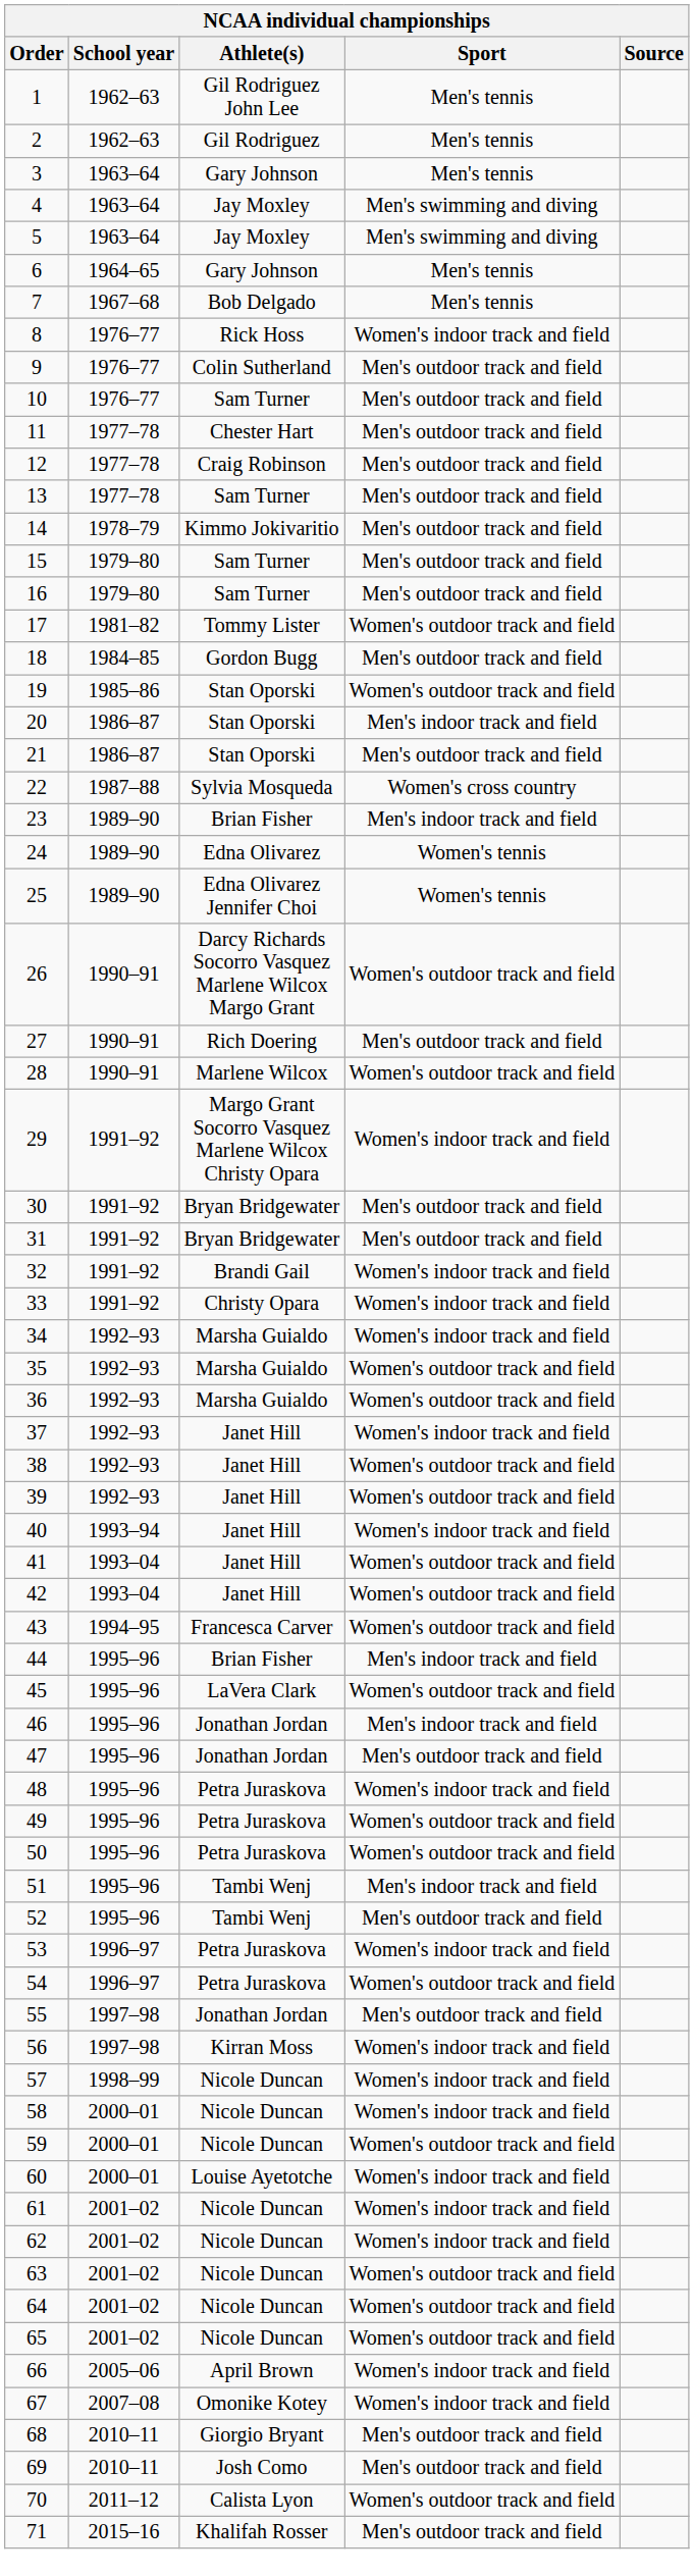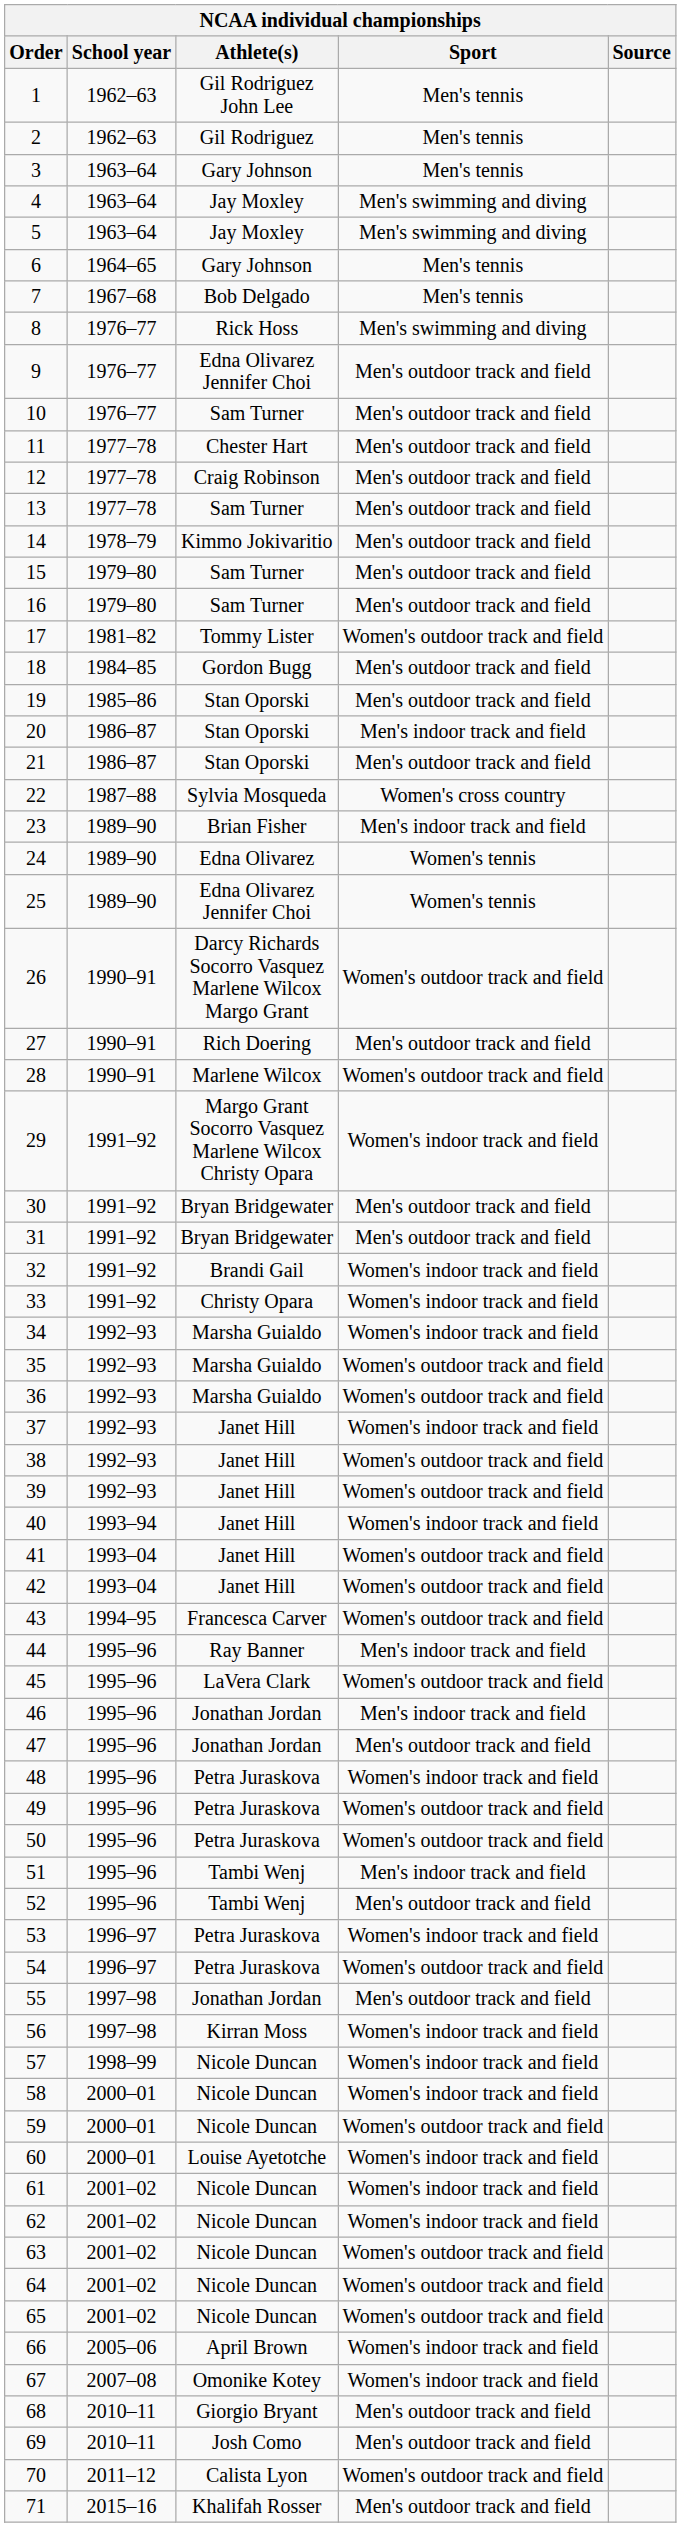 <table class="wikitable sortable" style="text-align:center">
 <tr align="center">
 <th colspan=5>NCAA individual championships</th>
 </tr>
 <tr>
 <th>Order</th>
 <th>School year</th>
 <th>Athlete(s)</th>
 <th>Sport</th>
 <th>Source</th>
 </tr>
 <tr align="center" bgcolor="">
 <td>1</td>
 <td>1962–63</td>
 <td>Gil Rodriguez<br>John Lee</td>
 <td>Men's tennis</td>
 <td></td>
 </tr>
 <tr align="center" bgcolor="">
 <td>2</td>
 <td>1962–63</td>
 <td>Gil Rodriguez</td>
 <td>Men's tennis</td>
 <td></td>
 </tr>
 <tr align="center" bgcolor="">
 <td>3</td>
 <td>1963–64</td>
 <td>Gary Johnson</td>
 <td>Men's tennis</td>
 <td></td>
 </tr>
 <tr align="center" bgcolor="">
 <td>4</td>
 <td>1963–64</td>
 <td>Jay Moxley</td>
 <td>Men's swimming and diving</td>
 <td></td>
 </tr>
 <tr align="center" bgcolor="">
 <td>5</td>
 <td>1963–64</td>
 <td>Jay Moxley</td>
 <td>Men's swimming and diving</td>
 <td></td>
 </tr>
 <tr align="center" bgcolor="">
 <td>6</td>
 <td>1964–65</td>
 <td>Gary Johnson</td>
 <td>Men's tennis</td>
 <td></td>
 </tr>
 <tr align="center" bgcolor="">
 <td>7</td>
 <td>1967–68</td>
 <td>Bob Delgado</td>
 <td>Men's tennis</td>
 <td></td>
 </tr>
 <tr align="center" bgcolor="">
 <td>8</td>
 <td>1976–77</td>
 <td>Rick Hoss</td>
-<td>Women's indoor track and field</td>
+<td>Men's swimming and diving</td>
 <td></td>
 </tr>
 <tr align="center" bgcolor="">
 <td>9</td>
 <td>1976–77</td>
-<td>Colin Sutherland</td>
+<td>Edna Olivarez<br>Jennifer Choi</td>
 <td>Men's outdoor track and field</td>
 <td></td>
 </tr>
 <tr align="center" bgcolor="">
 <td>10</td>
 <td>1976–77</td>
 <td>Sam Turner</td>
 <td>Men's outdoor track and field</td>
 <td></td>
 </tr>
 <tr align="center" bgcolor="">
 <td>11</td>
 <td>1977–78</td>
 <td>Chester Hart</td>
 <td>Men's outdoor track and field</td>
 <td></td>
 </tr>
 <tr align="center" bgcolor="">
 <td>12</td>
 <td>1977–78</td>
 <td>Craig Robinson</td>
 <td>Men's outdoor track and field</td>
 <td></td>
 </tr>
 <tr align="center" bgcolor="">
 <td>13</td>
 <td>1977–78</td>
 <td>Sam Turner</td>
 <td>Men's outdoor track and field</td>
 <td></td>
 </tr>
 <tr align="center" bgcolor="">
 <td>14</td>
 <td>1978–79</td>
 <td>Kimmo Jokivaritio</td>
 <td>Men's outdoor track and field</td>
 <td></td>
 </tr>
 <tr align="center" bgcolor="">
 <td>15</td>
 <td>1979–80</td>
 <td>Sam Turner</td>
 <td>Men's outdoor track and field</td>
 <td></td>
 </tr>
 <tr align="center" bgcolor="">
 <td>16</td>
 <td>1979–80</td>
 <td>Sam Turner</td>
 <td>Men's outdoor track and field</td>
 <td></td>
 </tr>
 <tr align="center" bgcolor="">
 <td>17</td>
 <td>1981–82</td>
 <td>Tommy Lister</td>
 <td>Women's outdoor track and field</td>
 <td></td>
 </tr>
 <tr align="center" bgcolor="">
 <td>18</td>
 <td>1984–85</td>
 <td>Gordon Bugg</td>
 <td>Men's outdoor track and field</td>
 <td></td>
 </tr>
 <tr align="center" bgcolor="">
 <td>19</td>
 <td>1985–86</td>
 <td>Stan Oporski</td>
-<td>Women's outdoor track and field</td>
+<td>Men's outdoor track and field</td>
 <td></td>
 </tr>
 <tr align="center" bgcolor="">
 <td>20</td>
 <td>1986–87</td>
 <td>Stan Oporski</td>
 <td>Men's indoor track and field</td>
 <td></td>
 </tr>
 <tr align="center" bgcolor="">
 <td>21</td>
 <td>1986–87</td>
 <td>Stan Oporski</td>
 <td>Men's outdoor track and field</td>
 <td></td>
 </tr>
 <tr align="center" bgcolor="">
 <td>22</td>
 <td>1987–88</td>
 <td>Sylvia Mosqueda</td>
 <td>Women's cross country</td>
 <td></td>
 </tr>
 <tr align="center" bgcolor="">
 <td>23</td>
 <td>1989–90</td>
 <td>Brian Fisher</td>
 <td>Men's indoor track and field</td>
 <td></td>
 </tr>
 <tr align="center" bgcolor="">
 <td>24</td>
 <td>1989–90</td>
 <td>Edna Olivarez</td>
 <td>Women's tennis</td>
 <td></td>
 </tr>
 <tr align="center" bgcolor="">
 <td>25</td>
 <td>1989–90</td>
 <td>Edna Olivarez<br>Jennifer Choi</td>
 <td>Women's tennis</td>
 <td></td>
 </tr>
 <tr align="center" bgcolor="">
 <td>26</td>
 <td>1990–91</td>
 <td>Darcy Richards<br>Socorro Vasquez<br>Marlene Wilcox<br>Margo Grant</td>
 <td>Women's outdoor track and field</td>
 <td></td>
 </tr>
 <tr align="center" bgcolor="">
 <td>27</td>
 <td>1990–91</td>
 <td>Rich Doering</td>
 <td>Men's outdoor track and field</td>
 <td></td>
 </tr>
 <tr align="center" bgcolor="">
 <td>28</td>
 <td>1990–91</td>
 <td>Marlene Wilcox</td>
 <td>Women's outdoor track and field</td>
 <td></td>
 </tr>
 <tr align="center" bgcolor="">
 <td>29</td>
 <td>1991–92</td>
 <td>Margo Grant<br>Socorro Vasquez<br>Marlene Wilcox<br>Christy Opara</td>
 <td>Women's indoor track and field</td>
 <td></td>
 </tr>
 <tr align="center" bgcolor="">
 <td>30</td>
 <td>1991–92</td>
 <td>Bryan Bridgewater</td>
 <td>Men's outdoor track and field</td>
 <td></td>
 </tr>
 <tr align="center" bgcolor="">
 <td>31</td>
 <td>1991–92</td>
 <td>Bryan Bridgewater</td>
 <td>Men's outdoor track and field</td>
 <td></td>
 </tr>
 <tr align="center" bgcolor="">
 <td>32</td>
 <td>1991–92</td>
 <td>Brandi Gail</td>
 <td>Women's indoor track and field</td>
 <td></td>
 </tr>
 <tr align="center" bgcolor="">
 <td>33</td>
 <td>1991–92</td>
 <td>Christy Opara</td>
 <td>Women's indoor track and field</td>
 <td></td>
 </tr>
 <tr align="center" bgcolor="">
 <td>34</td>
 <td>1992–93</td>
 <td>Marsha Guialdo</td>
 <td>Women's indoor track and field</td>
 <td></td>
 </tr>
 <tr align="center" bgcolor="">
 <td>35</td>
 <td>1992–93</td>
 <td>Marsha Guialdo</td>
 <td>Women's outdoor track and field</td>
 <td></td>
 </tr>
 <tr align="center" bgcolor="">
 <td>36</td>
 <td>1992–93</td>
 <td>Marsha Guialdo</td>
 <td>Women's outdoor track and field</td>
 <td></td>
 </tr>
 <tr align="center" bgcolor="">
 <td>37</td>
 <td>1992–93</td>
 <td>Janet Hill</td>
 <td>Women's indoor track and field</td>
 <td></td>
 </tr>
 <tr align="center" bgcolor="">
 <td>38</td>
 <td>1992–93</td>
 <td>Janet Hill</td>
 <td>Women's outdoor track and field</td>
 <td></td>
 </tr>
 <tr align="center" bgcolor="">
 <td>39</td>
 <td>1992–93</td>
 <td>Janet Hill</td>
 <td>Women's outdoor track and field</td>
 <td></td>
 </tr>
 <tr align="center" bgcolor="">
 <td>40</td>
 <td>1993–94</td>
 <td>Janet Hill</td>
 <td>Women's indoor track and field</td>
 <td></td>
 </tr>
 <tr align="center" bgcolor="">
 <td>41</td>
 <td>1993–04</td>
 <td>Janet Hill</td>
 <td>Women's outdoor track and field</td>
 <td></td>
 </tr>
 <tr align="center" bgcolor="">
 <td>42</td>
 <td>1993–04</td>
 <td>Janet Hill</td>
 <td>Women's outdoor track and field</td>
 <td></td>
 </tr>
 <tr align="center" bgcolor="">
 <td>43</td>
 <td>1994–95</td>
 <td>Francesca Carver</td>
 <td>Women's outdoor track and field</td>
 <td></td>
 </tr>
 <tr align="center" bgcolor="">
 <td>44</td>
 <td>1995–96</td>
-<td>Brian Fisher</td>
+<td>Ray Banner</td>
 <td>Men's indoor track and field</td>
 <td></td>
 </tr>
 <tr align="center" bgcolor="">
 <td>45</td>
 <td>1995–96</td>
 <td>LaVera Clark</td>
 <td>Women's outdoor track and field</td>
 <td></td>
 </tr>
 <tr align="center" bgcolor="">
 <td>46</td>
 <td>1995–96</td>
 <td>Jonathan Jordan</td>
 <td>Men's indoor track and field</td>
 <td></td>
 </tr>
 <tr align="center" bgcolor="">
 <td>47</td>
 <td>1995–96</td>
 <td>Jonathan Jordan</td>
 <td>Men's outdoor track and field</td>
 <td></td>
 </tr>
 <tr align="center" bgcolor="">
 <td>48</td>
 <td>1995–96</td>
 <td>Petra Juraskova</td>
 <td>Women's indoor track and field</td>
 <td></td>
 </tr>
 <tr align="center" bgcolor="">
 <td>49</td>
 <td>1995–96</td>
 <td>Petra Juraskova</td>
 <td>Women's outdoor track and field</td>
 <td></td>
 </tr>
 <tr align="center" bgcolor="">
 <td>50</td>
 <td>1995–96</td>
 <td>Petra Juraskova</td>
 <td>Women's outdoor track and field</td>
 <td></td>
 </tr>
 <tr align="center" bgcolor="">
 <td>51</td>
 <td>1995–96</td>
 <td>Tambi Wenj</td>
 <td>Men's indoor track and field</td>
 <td></td>
 </tr>
 <tr align="center" bgcolor="">
 <td>52</td>
 <td>1995–96</td>
 <td>Tambi Wenj</td>
 <td>Men's outdoor track and field</td>
 <td></td>
 </tr>
 <tr align='center' bgcolor="">
 <td>53</td>
 <td>1996–97</td>
 <td>Petra Juraskova</td>
 <td>Women's indoor track and field</td>
 <td></td>
 </tr>
 <tr align="center" bgcolor="">
 <td>54</td>
 <td>1996–97</td>
 <td>Petra Juraskova</td>
 <td>Women's outdoor track and field</td>
 <td></td>
 </tr>
 <tr align="center" bgcolor="">
 <td>55</td>
 <td>1997–98</td>
 <td>Jonathan Jordan</td>
 <td>Men's outdoor track and field</td>
 <td></td>
 </tr>
 <tr align="center" bgcolor="">
 <td>56</td>
 <td>1997–98</td>
 <td>Kirran Moss</td>
 <td>Women's indoor track and field</td>
 <td></td>
 </tr>
 <tr align="center" bgcolor="">
 <td>57</td>
 <td>1998–99</td>
 <td>Nicole Duncan</td>
 <td>Women's indoor track and field</td>
 <td></td>
 </tr>
 <tr align="center" bgcolor="">
 <td>58</td>
 <td>2000–01</td>
 <td>Nicole Duncan</td>
 <td>Women's indoor track and field</td>
 <td></td>
 </tr>
 <tr align="center" bgcolor="">
 <td>59</td>
 <td>2000–01</td>
 <td>Nicole Duncan</td>
 <td>Women's outdoor track and field</td>
 <td></td>
 </tr>
 <tr align="center" bgcolor="">
 <td>60</td>
 <td>2000–01</td>
 <td>Louise Ayetotche</td>
 <td>Women's indoor track and field</td>
 <td></td>
 </tr>
 <tr align="center" bgcolor="">
 <td>61</td>
 <td>2001–02</td>
 <td>Nicole Duncan</td>
 <td>Women's indoor track and field</td>
 <td></td>
 </tr>
 <tr align="center" bgcolor="">
 <td>62</td>
 <td>2001–02</td>
 <td>Nicole Duncan</td>
 <td>Women's indoor track and field</td>
 <td></td>
 </tr>
 <tr align="center" bgcolor="">
 <td>63</td>
 <td>2001–02</td>
 <td>Nicole Duncan</td>
 <td>Women's outdoor track and field</td>
 <td></td>
 </tr>
 <tr align="center" bgcolor="">
 <td>64</td>
 <td>2001–02</td>
 <td>Nicole Duncan</td>
 <td>Women's outdoor track and field</td>
 <td></td>
 </tr>
 <tr align="center" bgcolor="">
 <td>65</td>
 <td>2001–02</td>
 <td>Nicole Duncan</td>
 <td>Women's outdoor track and field</td>
 <td></td>
 </tr>
 <tr align="center" bgcolor="">
 <td>66</td>
 <td>2005–06</td>
 <td>April Brown</td>
 <td>Women's indoor track and field</td>
 <td></td>
 </tr>
 <tr align="center" bgcolor="">
 <td>67</td>
 <td>2007–08</td>
 <td>Omonike Kotey</td>
 <td>Women's indoor track and field</td>
 <td></td>
 </tr>
 <tr align="center" bgcolor="">
 <td>68</td>
 <td>2010–11</td>
 <td>Giorgio Bryant</td>
 <td>Men's outdoor track and field</td>
 <td></td>
 </tr>
 <tr align="center" bgcolor="">
 <td>69</td>
 <td>2010–11</td>
 <td>Josh Como</td>
 <td>Men's outdoor track and field</td>
 <td></td>
 </tr>
 <tr align="center" bgcolor="">
 <td>70</td>
 <td>2011–12</td>
 <td>Calista Lyon</td>
 <td>Women's outdoor track and field</td>
 <td></td>
 </tr>
 <tr align="center" bgcolor="">
 <td>71</td>
 <td>2015–16</td>
 <td>Khalifah Rosser</td>
 <td>Men's outdoor track and field</td>
 <td></td>
 </tr>
 </table>
